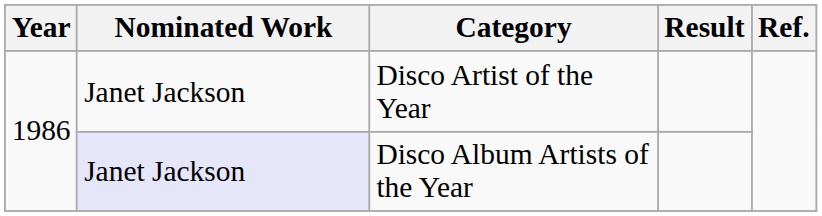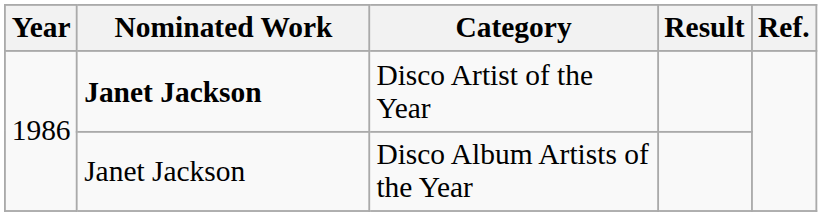 <table class="wikitable" width="50%">
 <tr>
 <th width="5%">Year</th>
 <th width="40%">Nominated Work</th>
 <th width="40%">Category</th>
 <th width="10%">Result</th>
 <th width="5%">Ref.</th>
 </tr>
 <tr>
 <td rowspan="2">1986</td>
-<td>Janet Jackson</td>
+<td><strong>Janet Jackson</strong></td>
 <td>Disco Artist of the Year</td>
 <td></td>
 <td rowspan="2"></td>
 </tr>
 <tr>
-<td style="background: lavender;">Janet Jackson</td>
+<td>Janet Jackson</td>
 <td>Disco Album Artists of the Year</td>
 <td></td>
 </tr>
 </table>
